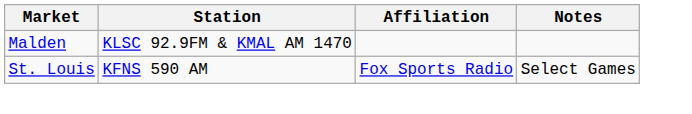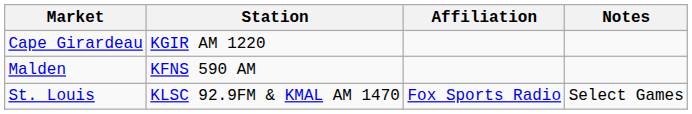 <table class="wikitable" border="1">
 <tr>
 <th>Market</th>
 <th>Station</th>
 <th>Affiliation</th>
 <th>Notes</th>
 </tr>
 <tr>
+<td><a href='#'>Cape Girardeau</a></td>
+<td><a href='#'>KGIR</a> AM 1220</td>
+<td></td>
+<td></td>
+</tr>
+<tr>
 <td><a href='#'>Malden</a></td>
-<td><a href='#'>KLSC</a> 92.9FM & <a href='#'>KMAL</a> AM 1470</td>
+<td><a href='#'>KFNS</a> 590 AM</td>
 <td></td>
 <td></td>
 </tr>
 <tr>
 <td><a href='#'>St. Louis</a></td>
-<td><a href='#'>KFNS</a> 590 AM</td>
+<td><a href='#'>KLSC</a> 92.9FM & <a href='#'>KMAL</a> AM 1470</td>
 <td><a href='#'>Fox Sports Radio</a></td>
 <td>Select Games</td>
 </tr>
 </table>
